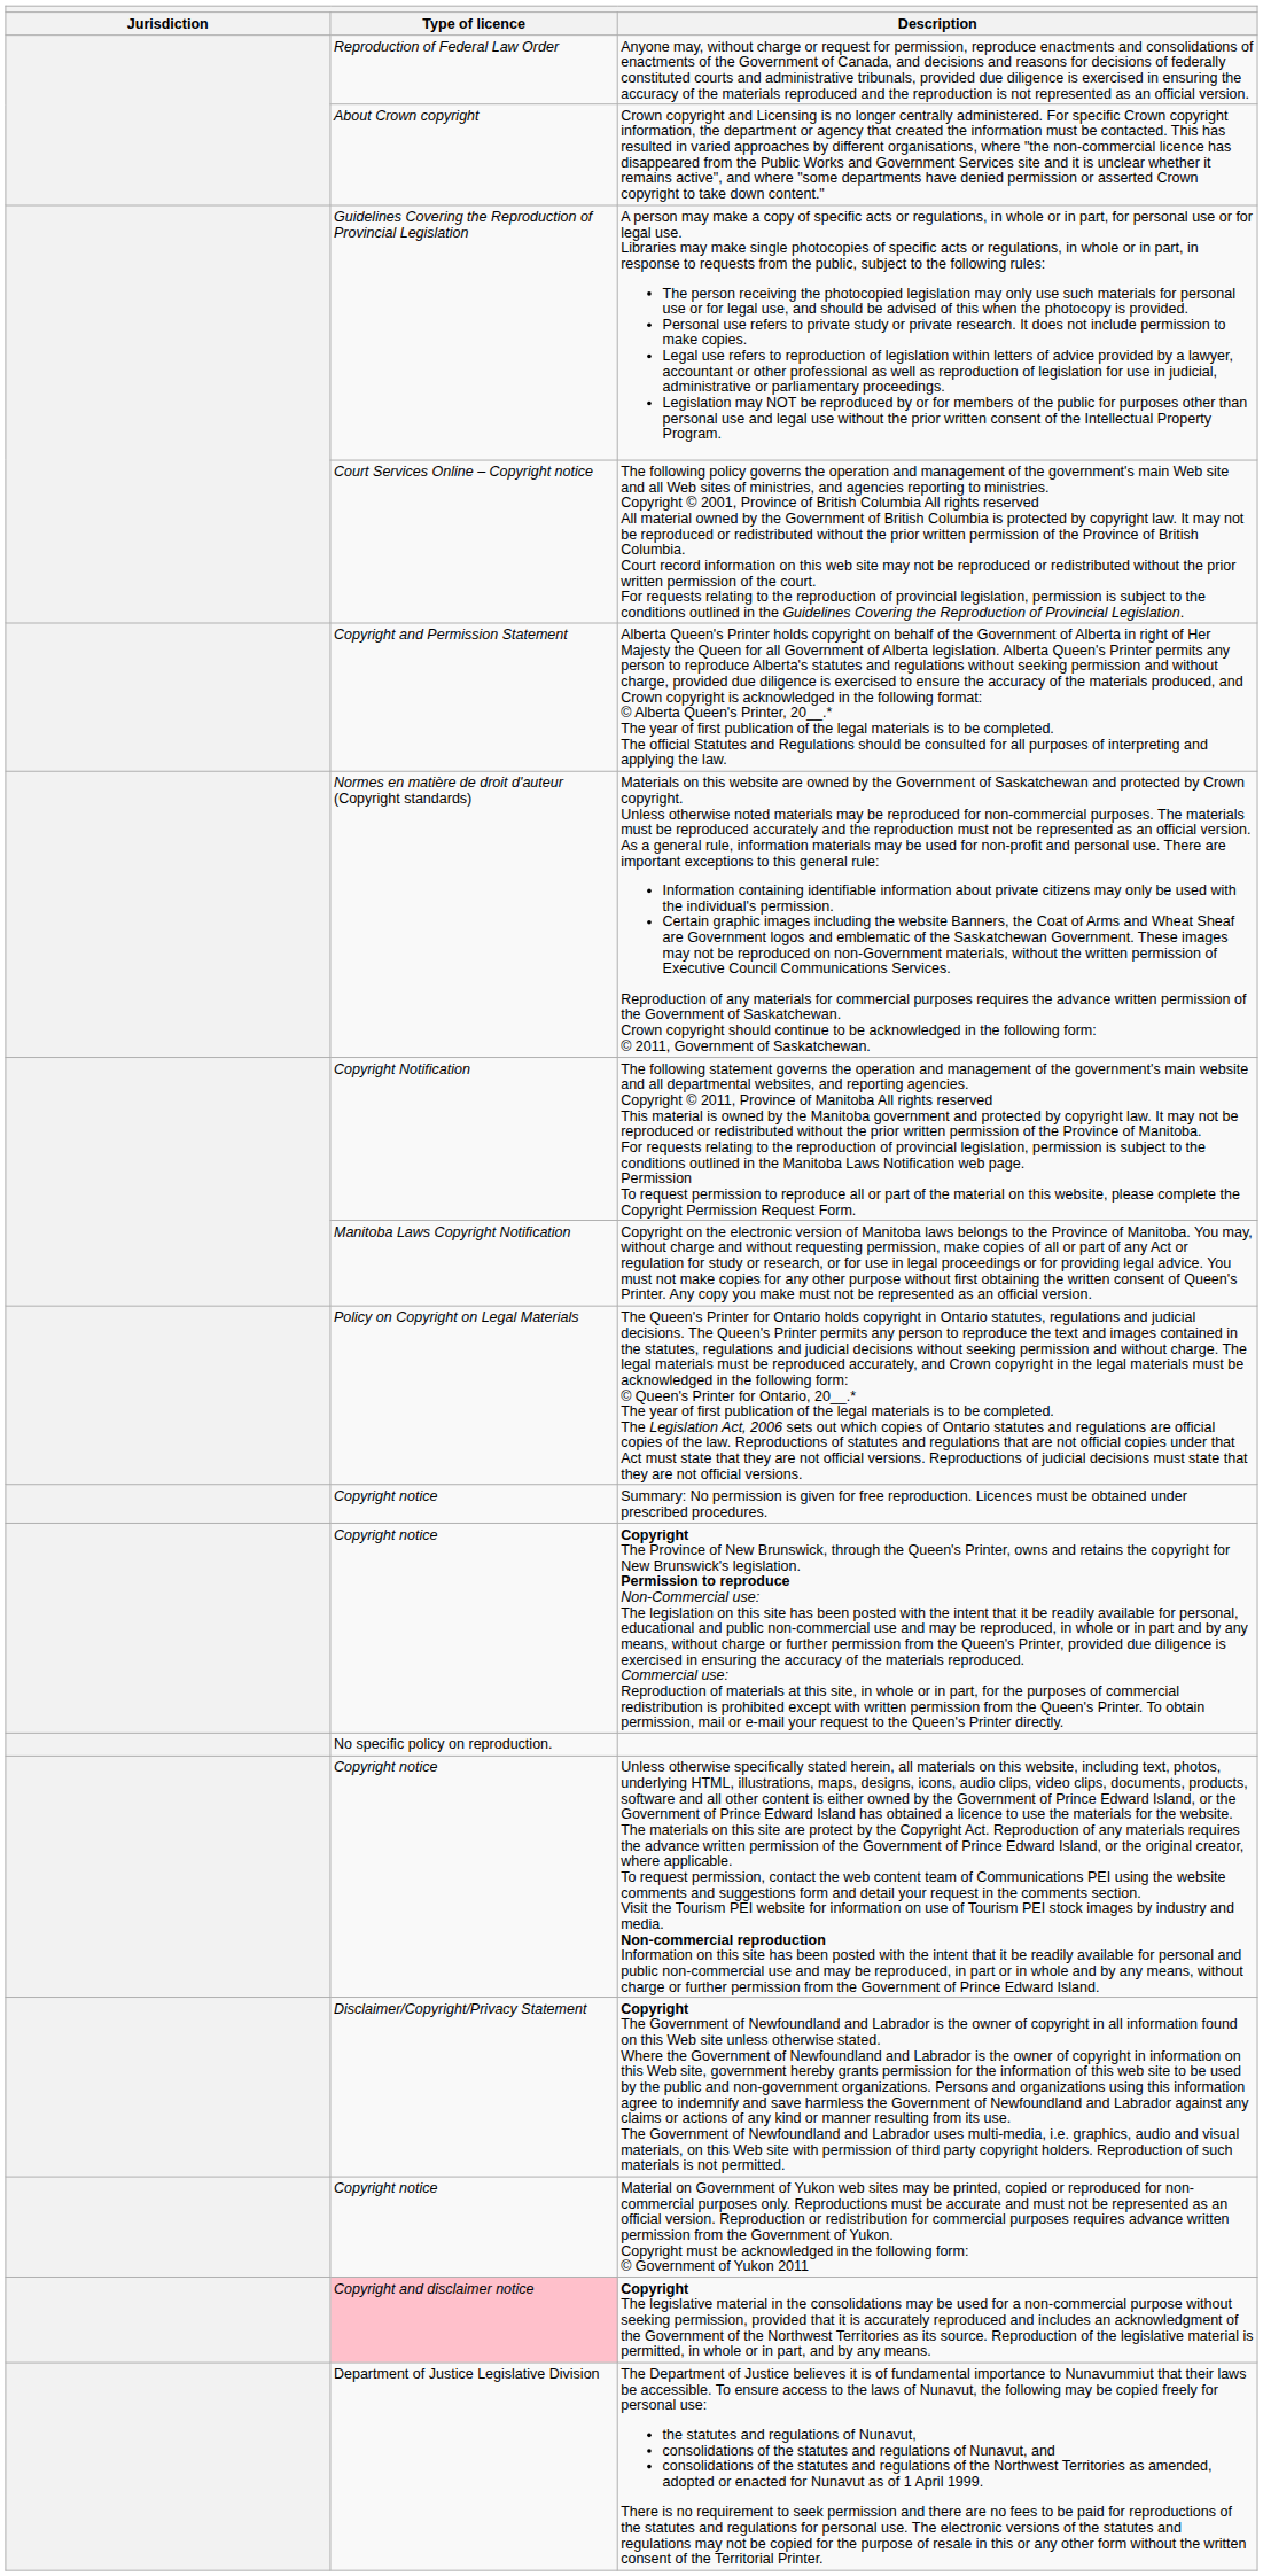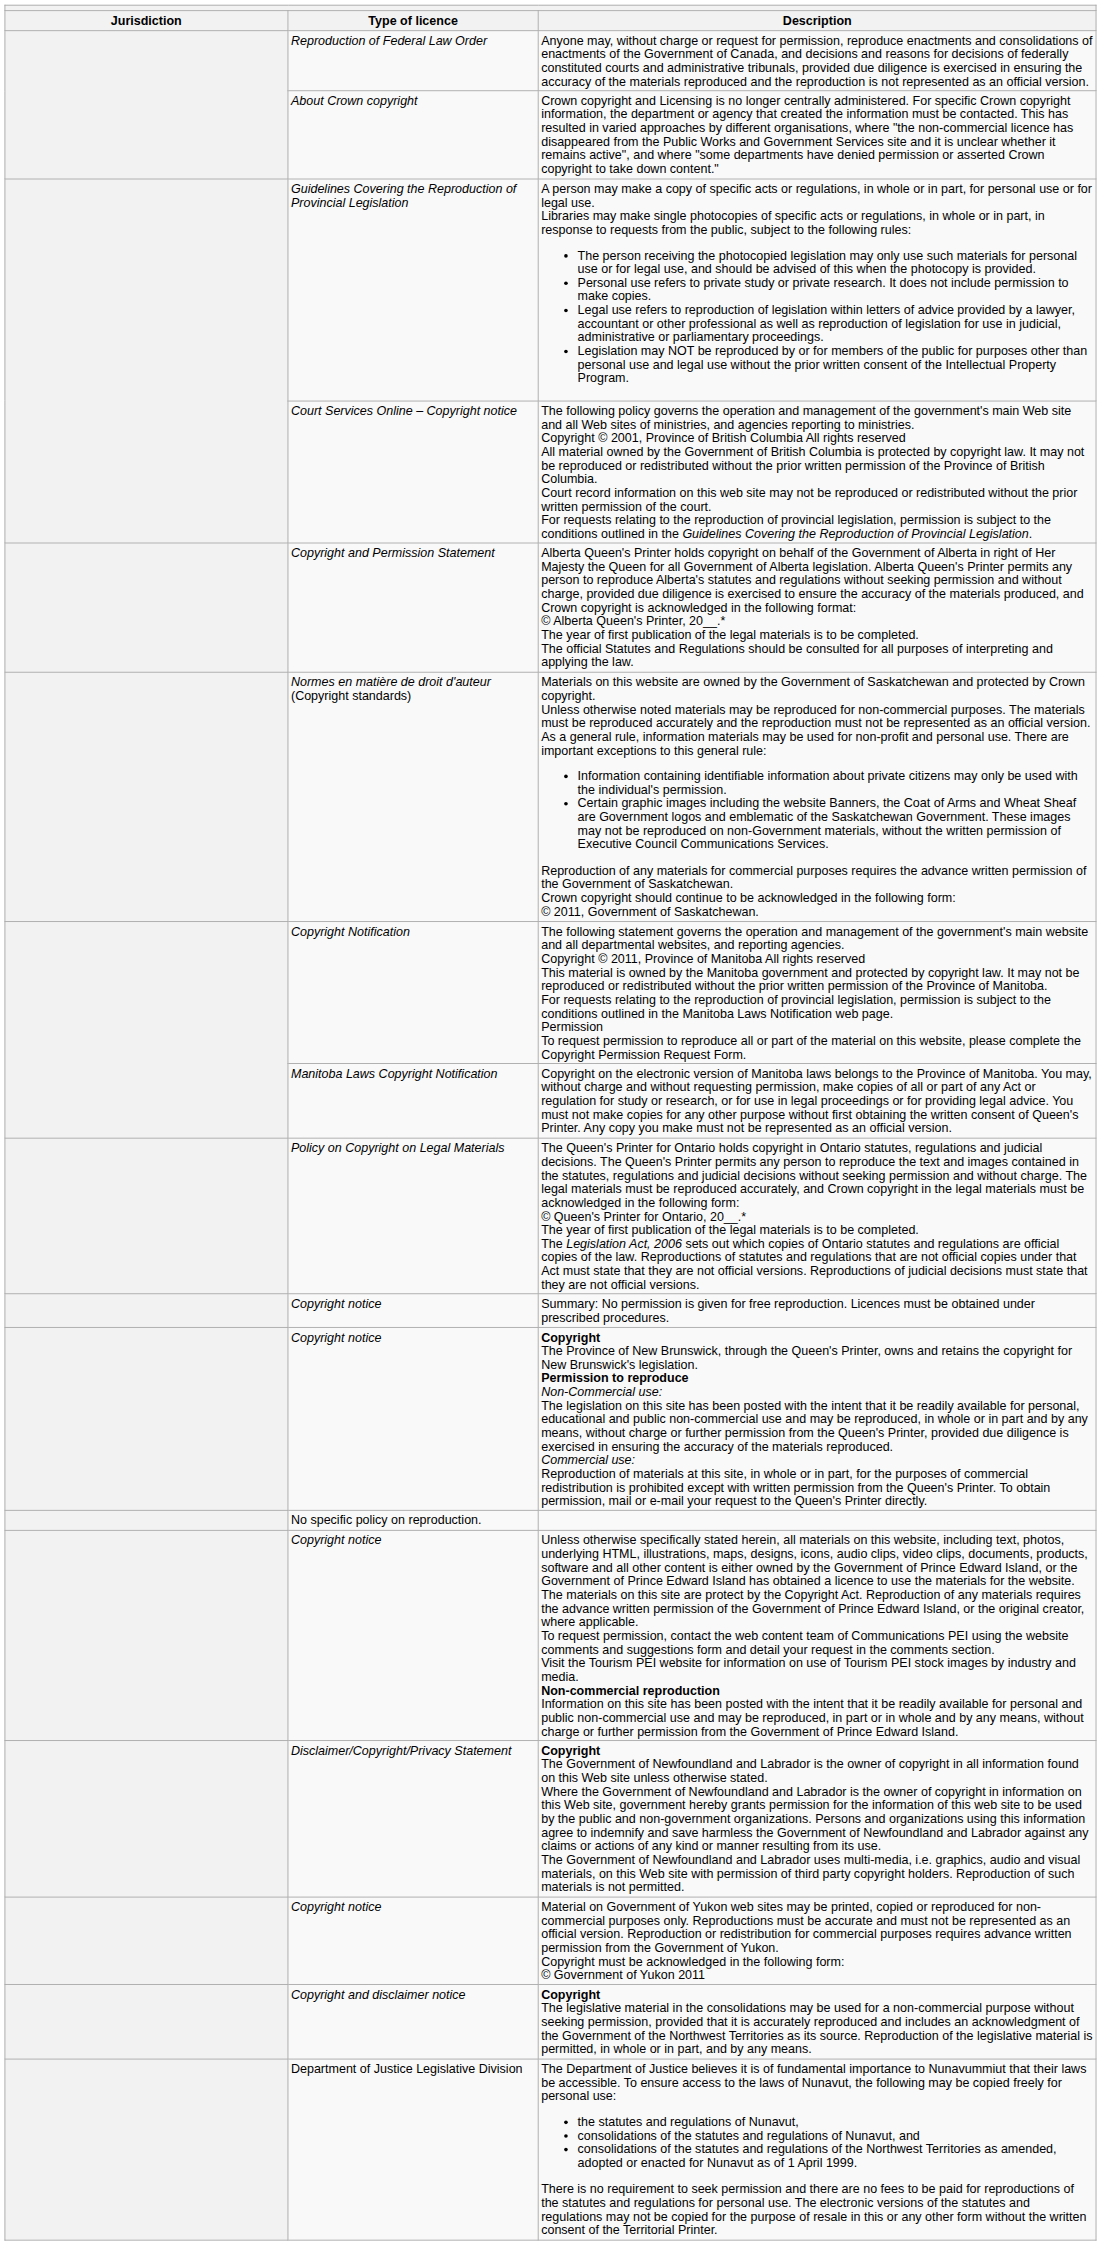 <table class="wikitable floatleft mw-collapsible mw-collapsed" border= "1" style= "width:95%; font-size: 86%; float:left; margin-left:2em; margin-right:2em; margin-bottom:2em">
 <tr>
 <th colspan="3"></th>
 </tr>
 <tr>
 <th scope="col" width="200">Jurisdiction</th>
 <th scope="col" width="150">Type of licence</th>
 <th scope="col" width="400">Description</th>
 </tr>
 <tr valign="top">
 <th scope="row" align="left" rowspan="2"></th>
 <td><em>Reproduction of Federal Law Order</em></td>
 <td>Anyone may, without charge or request for permission, reproduce enactments and consolidations of enactments of the Government of Canada, and decisions and reasons for decisions of federally constituted courts and administrative tribunals, provided due diligence is exercised in ensuring the accuracy of the materials reproduced and the reproduction is not represented as an official version.</td>
 </tr>
 <tr valign="top">
 <td><em>About Crown copyright</em></td>
 <td> Crown copyright and Licensing is no longer centrally administered. For specific Crown copyright information, the department or agency that created the information must be contacted. This has resulted in varied approaches by different organisations, where "the non-commercial licence has disappeared from the Public Works and Government Services site and it is unclear whether it remains active", and where "some departments have denied permission or asserted Crown copyright to take down content."</td>
 </tr>
 <tr valign="top">
 <th scope="row" align="left" rowspan="2"></th>
 <td><em>Guidelines Covering the Reproduction of Provincial Legislation</em></td>
 <td>A person may make a copy of specific acts or regulations, in whole or in part, for personal use or for legal use.<br>Libraries may make single photocopies of specific acts or regulations, in whole or in part, in response to requests from the public, subject to the following rules:<ul><li>The person receiving the photocopied legislation may only use such materials for personal use or for legal use, and should be advised of this when the photocopy is provided.</li><li>Personal use refers to private study or private research. It does not include permission to make copies.</li><li>Legal use refers to reproduction of legislation within letters of advice provided by a lawyer, accountant or other professional as well as reproduction of legislation for use in judicial, administrative or parliamentary proceedings.</li><li>Legislation may NOT be reproduced by or for members of the public for purposes other than personal use and legal use without the prior written consent of the Intellectual Property Program.</li></ul></td>
 </tr>
 <tr valign="top">
 <td><em>Court Services Online – Copyright notice</em></td>
 <td>The following policy governs the operation and management of the government's main Web site and all Web sites of ministries, and agencies reporting to ministries.<br>Copyright © 2001, Province of British Columbia All rights reserved<br>All material owned by the Government of British Columbia is protected by copyright law. It may not be reproduced or redistributed without the prior written permission of the Province of British Columbia.<br>Court record information on this web site may not be reproduced or redistributed without the prior written permission of the court.<br>For requests relating to the reproduction of provincial legislation, permission is subject to the conditions outlined in the <em>Guidelines Covering the Reproduction of Provincial Legislation</em>.</td>
 </tr>
 <tr valign="top">
 <th scope="row" align="left"></th>
 <td><em>Copyright and Permission Statement</em></td>
 <td>Alberta Queen's Printer holds copyright on behalf of the Government of Alberta in right of Her Majesty the Queen for all Government of Alberta legislation.  Alberta Queen's Printer permits any person to reproduce Alberta's statutes and regulations without seeking permission and without charge, provided due diligence is exercised to ensure the accuracy of the materials produced, and Crown copyright is acknowledged in the following format:<br>© Alberta Queen's Printer, 20__.*<br>The year of first publication of the legal materials is to be completed.<br>The official Statutes and Regulations should be consulted for all purposes of interpreting and applying the law.</td>
 </tr>
 <tr valign="top">
 <th scope="row" align="left"></th>
 <td><em> Normes en matière de droit d'auteur</em><br>(Copyright standards)</td>
 <td>Materials on this website are owned by the Government of Saskatchewan and protected by Crown copyright.<br>Unless otherwise noted materials may be reproduced for non-commercial purposes. The materials must be reproduced accurately and the reproduction must not be represented as an official version. As a general rule, information materials may be used for non-profit and personal use. There are important exceptions to this general rule:<ul><li>Information containing identifiable information about private citizens may only be used with the individual's permission.</li><li>Certain graphic images including the website Banners, the Coat of Arms and Wheat Sheaf are Government logos and emblematic of the Saskatchewan Government. These images may not be reproduced on non-Government materials, without the written permission of Executive Council Communications Services.</li></ul>Reproduction of any materials for commercial purposes requires the advance written permission of the Government of Saskatchewan.<br>Crown copyright should continue to be acknowledged in the following form:<br>© 2011, Government of Saskatchewan.</td>
 </tr>
 <tr valign="top">
 <th scope="row" align="left" rowspan="2"></th>
 <td><em>Copyright Notification</em></td>
 <td>The following statement governs the operation and management of the government's main website and all departmental websites, and reporting agencies.<br>Copyright © 2011, Province of Manitoba All rights reserved<br>This material is owned by the Manitoba government and protected by copyright law. It may not be reproduced or redistributed without the prior written permission of the Province of Manitoba.<br>For requests relating to the reproduction of provincial legislation, permission is subject to the conditions outlined in the Manitoba Laws Notification web page.<br>Permission<br>To request permission to reproduce all or part of the material on this website, please complete the Copyright Permission Request Form.</td>
 </tr>
 <tr valign="top">
 <td><em>Manitoba Laws Copyright Notification</em></td>
 <td>Copyright on the electronic version of Manitoba laws belongs to the Province of Manitoba. You may, without charge and without requesting permission, make copies of all or part of any Act or regulation for study or research, or for use in legal proceedings or for providing legal advice. You must not make copies for any other purpose without first obtaining the written consent of Queen's Printer. Any copy you make must not be represented as an official version.</td>
 </tr>
 <tr valign="top">
 <th scope="row" align="left"></th>
 <td><em>Policy on Copyright on Legal Materials</em></td>
 <td>The Queen's Printer for Ontario holds copyright in Ontario statutes, regulations and judicial decisions. The Queen's Printer permits any person to reproduce the text and images contained in the statutes, regulations and judicial decisions without seeking permission and without charge. The legal materials must be reproduced accurately, and Crown copyright in the legal materials must be acknowledged in the following form:<br>© Queen's Printer for Ontario, 20__.*<br>The year of first publication of the legal materials is to be completed.<br>The <em>Legislation Act, 2006</em> sets out which copies of Ontario statutes and regulations are official copies of the law. Reproductions of statutes and regulations that are not official copies under that Act must state that they are not official versions. Reproductions of judicial decisions must state that they are not official versions.</td>
 </tr>
 <tr valign="top">
 <th scope="row" align="left"></th>
 <td><em>Copyright notice</em></td>
 <td>Summary: No permission is given for free reproduction. Licences must be obtained under prescribed procedures.</td>
 </tr>
 <tr valign="top">
 <th scope="row" align="left"></th>
 <td><em>Copyright notice</em></td>
 <td><strong>Copyright</strong><br>The Province of New Brunswick, through the Queen's Printer, owns and retains the copyright for New Brunswick's legislation.<br><strong>Permission to reproduce</strong><br><em>Non-Commercial use:</em><br>The legislation on this site has been posted with the intent that it be readily available for personal, educational and public non-commercial use and may be reproduced, in whole or in part and by any means, without charge or further permission from the Queen's Printer, provided due diligence is exercised in ensuring the accuracy of the materials reproduced.<br><em>Commercial use:</em><br>Reproduction of materials at this site, in whole or in part, for the purposes of commercial redistribution is prohibited except with written permission from the Queen's Printer. To obtain permission, mail or e-mail your request to the Queen's Printer directly.</td>
 </tr>
 <tr valign="top">
 <th scope="row" align="left"></th>
 <td>No specific policy on reproduction.</td>
 <td></td>
 </tr>
 <tr valign="top">
 <th scope="row" align="left"></th>
 <td><em>Copyright notice</em></td>
 <td>Unless otherwise specifically stated herein, all materials on this website, including text, photos, underlying HTML, illustrations, maps, designs, icons, audio clips, video clips, documents, products, software and all other content is either owned by the Government of Prince Edward Island, or the Government of Prince Edward Island has obtained a licence to use the materials for the website.<br>The materials on this site are protect by the Copyright Act. Reproduction of any materials requires the advance written permission of the Government of Prince Edward Island, or the original creator, where applicable.<br>To request permission, contact the web content team of Communications PEI using the website comments and suggestions form and detail your request in the comments section.<br>Visit the Tourism PEI website for information on use of Tourism PEI stock images by industry and media.<br><strong>Non-commercial reproduction</strong><br>Information on this site has been posted with the intent that it be readily available for personal and public non-commercial use and may be reproduced, in part or in whole and by any means, without charge or further permission from the Government of Prince Edward Island.</td>
 </tr>
 <tr valign="top">
 <th scope="row" align="left"></th>
 <td><em>Disclaimer/Copyright/Privacy Statement</em></td>
 <td><strong>Copyright</strong><br>The Government of Newfoundland and Labrador is the owner of copyright in all information found on this Web site unless otherwise stated.<br>Where the Government of Newfoundland and Labrador is the owner of copyright in information on this Web site, government hereby grants permission for the information of this web site to be used by the public and non-government organizations. Persons and organizations using this information agree to indemnify and save harmless the Government of Newfoundland and Labrador against any claims or actions of any kind or manner resulting from its use.<br>The Government of Newfoundland and Labrador uses multi-media, i.e. graphics, audio and visual materials, on this Web site with permission of third party copyright holders. Reproduction of such materials is not permitted.</td>
 </tr>
 <tr valign="top">
 <th scope="row" align="left"></th>
 <td><em>Copyright notice</em></td>
 <td>Material on Government of Yukon web sites may be printed, copied or reproduced for non-commercial purposes only. Reproductions must be accurate and must not be represented as an official version. Reproduction or redistribution for commercial purposes requires advance written permission from the Government of Yukon.<br>Copyright must be acknowledged in the following form:<br>© Government of Yukon 2011</td>
 </tr>
 <tr valign="top">
 <th scope="row" align="left"></th>
-<td style="background: pink;"><em>Copyright and disclaimer notice</em></td>
+<td><em>Copyright and disclaimer notice</em></td>
 <td><strong>Copyright</strong><br>The legislative material in the consolidations may be used for a non-commercial purpose without seeking permission, provided that it is accurately reproduced and includes an acknowledgment of the Government of the Northwest Territories as its source. Reproduction of the legislative material is permitted, in whole or in part, and by any means.</td>
 </tr>
 <tr valign="top">
 <th scope="row" align="left"></th>
 <td>Department of Justice Legislative Division</td>
 <td>The Department of Justice believes it is of fundamental importance to Nunavummiut that their laws be accessible. To ensure access to the laws of Nunavut, the following may be copied freely for personal use:<br><ul><li>the statutes and regulations of Nunavut,</li><li>consolidations of the statutes and regulations of Nunavut, and</li><li>consolidations of the statutes and regulations of the Northwest Territories as amended, adopted or enacted for Nunavut as of 1 April 1999.</li></ul>There is no requirement to seek permission and there are no fees to be paid for reproductions of the statutes and regulations for personal use. The electronic versions of the statutes and regulations may not be copied for the purpose of resale in this or any other form without the written consent of the Territorial Printer.</td>
 </tr>
 </table>
